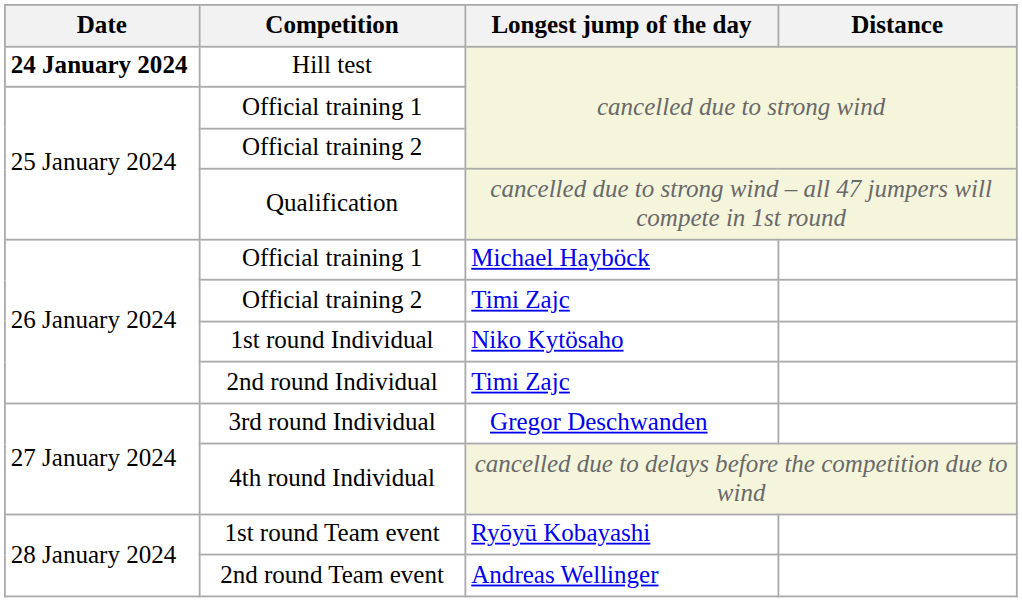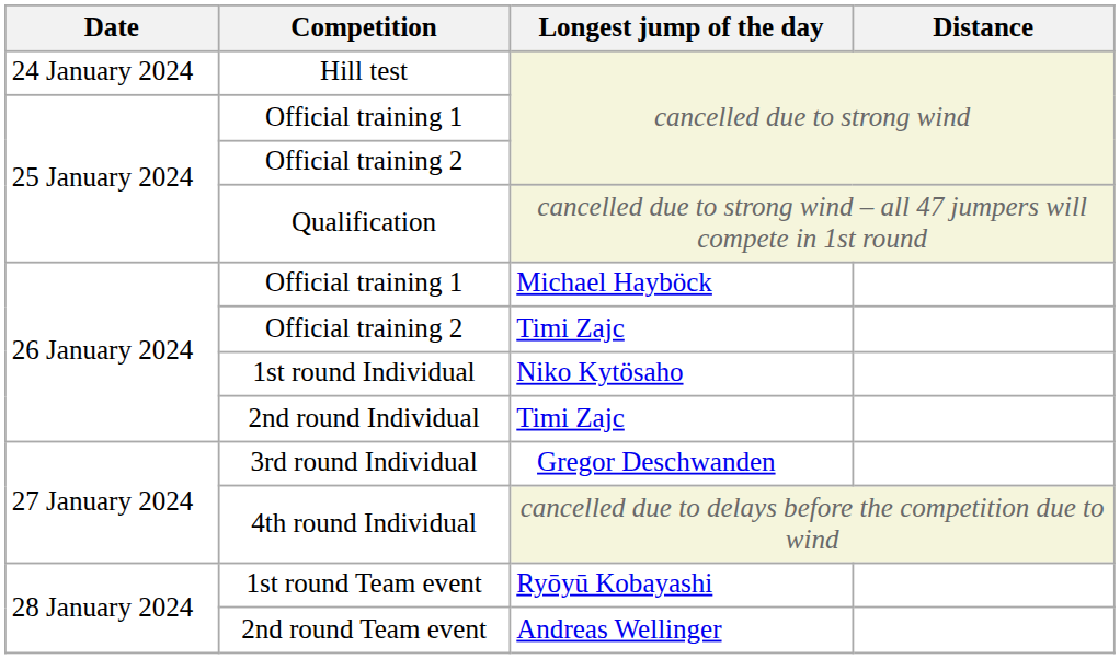 <table class="wikitable plainrowheaders" style="background:#fff; font-size:86%; line-height:16px; border:grey solid 1px; border-collapse:collapse;">
 <tr>
 <th width=100>Date</th>
 <th width=140>Competition</th>
 <th width=165>Longest jump of the day</th>
 <th width=125>Distance</th>
 </tr>
 <tr>
-<td><strong>24 January 2024</strong></td>
+<td>24 January 2024</td>
 <td align="center">Hill test</td>
 <td bgcolor="F5F5DC" style=color:#696969 colspan=2 rowspan=3 align="center"><em>cancelled due to strong wind</em></td>
 </tr>
 <tr>
 <td rowspan="3">25 January 2024</td>
 <td align="center">Official training 1</td>
 </tr>
 <tr>
 <td align="center">Official training 2</td>
 </tr>
 <tr>
 <td align="center">Qualification</td>
 <td bgcolor="F5F5DC" style=color:#696969 colspan=2 align="center"><em>cancelled due to strong wind – all 47 jumpers will compete in 1st round</em></td>
 </tr>
 <tr>
 <td rowspan="4">26 January 2024</td>
 <td align="center">Official training 1</td>
 <td> <a href='#'>Michael Hayböck</a></td>
 <td align=center></td>
 </tr>
 <tr>
 <td align="center">Official training 2</td>
 <td> <a href='#'>Timi Zajc</a></td>
 <td align=center></td>
 </tr>
 <tr>
 <td align="center">1st round Individual</td>
 <td> <a href='#'>Niko Kytösaho</a></td>
 <td align=center></td>
 </tr>
 <tr>
 <td align="center">2nd round Individual</td>
 <td> <a href='#'>Timi Zajc</a></td>
 <td align=center></td>
 </tr>
 <tr>
 <td rowspan="2">27 January 2024</td>
 <td align="center">3rd round Individual</td>
 <td>   <a href='#'>Gregor Deschwanden</a></td>
 <td align=center></td>
 </tr>
 <tr>
 <td align="center">4th round Individual</td>
 <td bgcolor="F5F5DC" style=color:#696969 colspan=2 align="center"><em>cancelled due to delays before the competition due to wind</em></td>
 </tr>
 <tr>
 <td rowspan="2">28 January 2024</td>
 <td align="center">1st round Team event</td>
 <td> <a href='#'>Ryōyū Kobayashi</a></td>
 <td align=center></td>
 </tr>
 <tr>
 <td align="center">2nd round Team event</td>
 <td> <a href='#'>Andreas Wellinger</a></td>
 <td align=center></td>
 </tr>
 </table>
